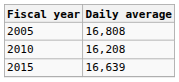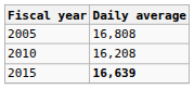 <table class="wikitable">
 <tr>
 <th>Fiscal year</th>
 <th>Daily average</th>
 </tr>
 <tr>
 <td>2005</td>
 <td>16,808</td>
 </tr>
 <tr>
 <td>2010</td>
 <td>16,208</td>
 </tr>
 <tr>
 <td>2015</td>
-<td>16,639</td>
+<td><strong>16,639</strong></td>
 </tr>
 <tr>
 </tr>
 </table>
